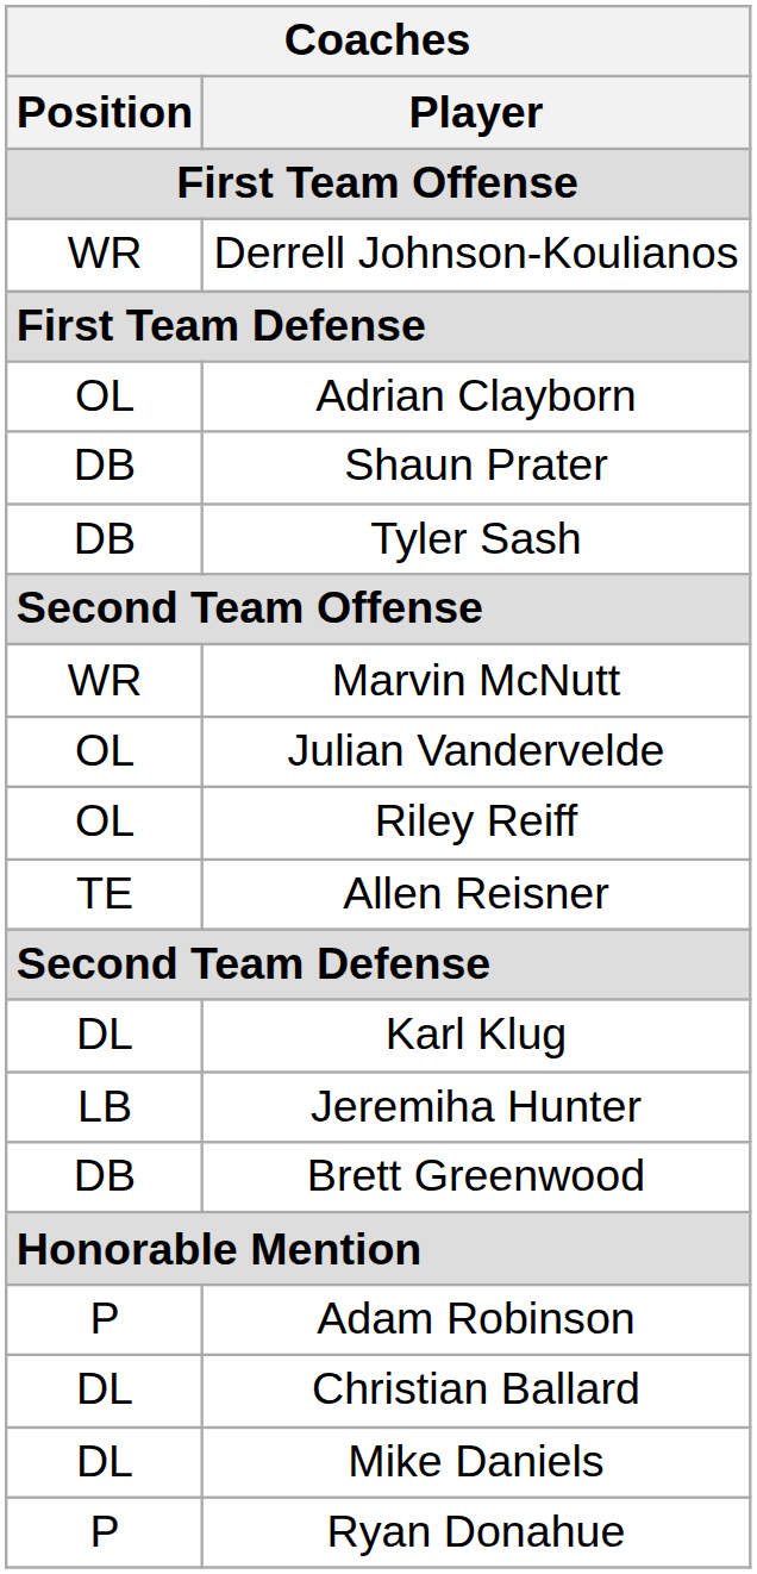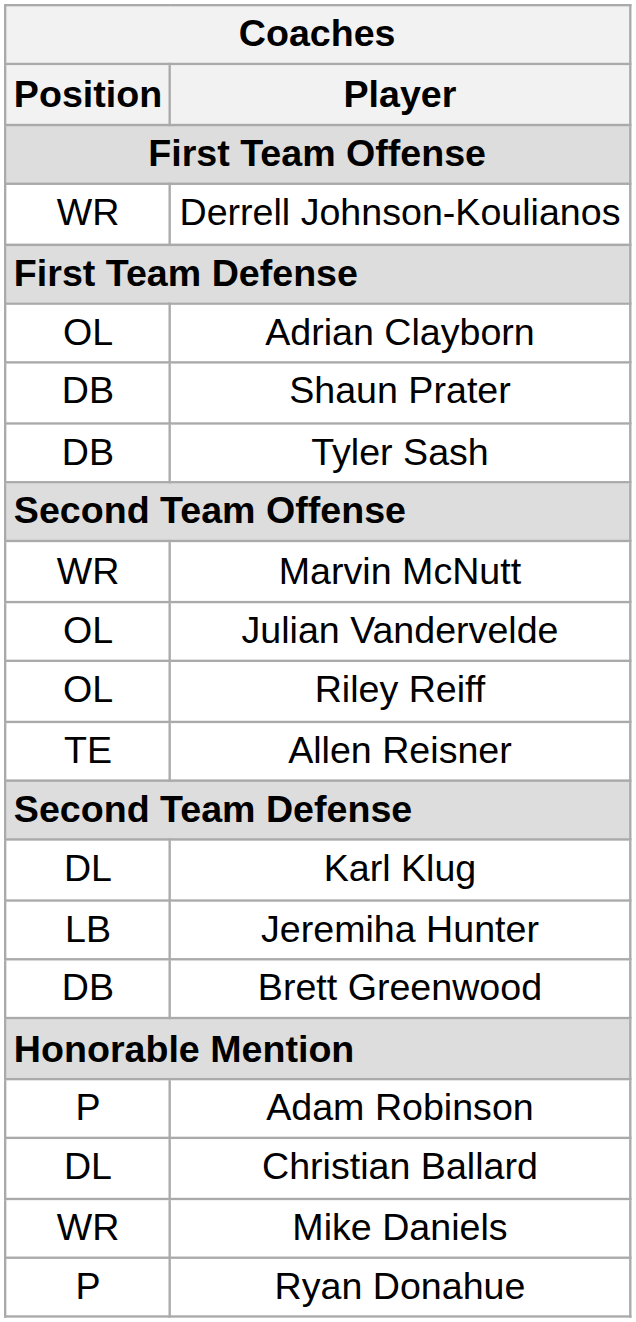 <table class="wikitable sortable" border="1">
 <tr>
 <th colspan="2">Coaches</th>
 </tr>
 <tr>
 <th>Position</th>
 <th>Player</th>
 </tr>
 <tr>
 <td colspan="4" style="text-align:center; background:#DDDDDD;"><strong>First Team Offense</strong></td>
 </tr>
 <tr>
 <td style="text-align:center; background:white">WR</td>
 <td style="text-align:center; background:white">Derrell Johnson-Koulianos</td>
 </tr>
 <tr>
 <td colspan="4" style="text=align:center; background:#DDDDDD;"><strong>First Team Defense</strong></td>
 </tr>
 <tr>
 <td style="text-align:center; background:white">OL</td>
 <td style="text-align:center; background:white">Adrian Clayborn</td>
 </tr>
 <tr>
 <td style="text-align:center; background:white">DB</td>
 <td style="text-align:center; background:white">Shaun Prater</td>
 </tr>
 <tr>
 <td style="text-align:center; background:white">DB</td>
 <td style="text-align:center; background:white">Tyler Sash</td>
 </tr>
 <tr>
 <td colspan="4" style="text=align:center; background:#DDDDDD;"><strong>Second Team Offense</strong></td>
 </tr>
 <tr>
 <td style="text-align:center; background:white">WR</td>
 <td style="text-align:center; background:white">Marvin McNutt</td>
 </tr>
 <tr>
 <td style="text-align:center; background:white">OL</td>
 <td style="text-align:center; background:white">Julian Vandervelde</td>
 </tr>
 <tr>
 <td style="text-align:center; background:white">OL</td>
 <td style="text-align:center; background:white">Riley Reiff</td>
 </tr>
 <tr>
 <td style="text-align:center; background:white">TE</td>
 <td style="text-align:center; background:white">Allen Reisner</td>
 </tr>
 <tr>
 <td colspan="4" style="text=align:center; background:#DDDDDD;"><strong>Second Team Defense</strong></td>
 </tr>
 <tr>
 <td style="text-align:center; background:white">DL</td>
 <td style="text-align:center; background:white">Karl Klug</td>
 </tr>
 <tr>
 <td style="text-align:center; background:white">LB</td>
 <td style="text-align:center; background:white">Jeremiha Hunter</td>
 </tr>
 <tr>
 <td style="text-align:center; background:white">DB</td>
 <td style="text-align:center; background:white">Brett Greenwood</td>
 </tr>
 <tr>
 <td colspan="4" style="text=align:center; background:#DDDDDD;"><strong>Honorable Mention</strong></td>
 </tr>
 <tr>
 <td style="text-align:center; background:white">P</td>
 <td style="text-align:center; background:white">Adam Robinson</td>
 </tr>
 <tr>
 <td style="text-align:center; background:white">DL</td>
 <td style="text-align:center; background:white">Christian Ballard</td>
 </tr>
 <tr>
-<td style="text-align:center; background:white">DL</td>
+<td style="text-align:center; background:white">WR</td>
 <td style="text-align:center; background:white">Mike Daniels</td>
 </tr>
 <tr>
 <td style="text-align:center; background:white">P</td>
 <td style="text-align:center; background:white">Ryan Donahue</td>
 </tr>
 </table>
